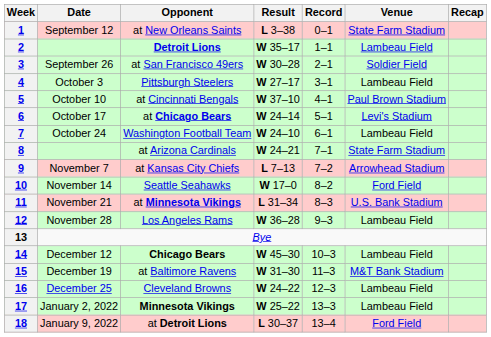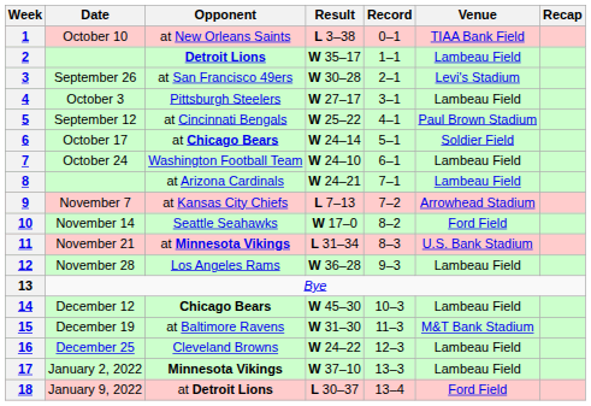 <table class="wikitable" style="text-align:center">
 <tr>
 <th>Week</th>
 <th>Date</th>
 <th>Opponent</th>
 <th>Result</th>
 <th>Record</th>
 <th>Venue</th>
 <th>Recap</th>
 </tr>
 <tr style="background:#fcc">
 <th><a href='#'>1</a></th>
-<td>September 12</td>
+<td>October 10</td>
 <td>at <a href='#'>New Orleans Saints</a></td>
 <td><strong>L</strong> 3–38</td>
 <td>0–1</td>
-<td><a href='#'>State Farm Stadium</a></td>
+<td><a href='#'>TIAA Bank Field</a></td>
 <td></td>
 </tr>
 <tr style="background:#cfc">
 <th><a href='#'>2</a></th>
 <td></td>
 <td><strong><a href='#'>Detroit Lions</a></strong></td>
 <td><strong>W</strong> 35–17</td>
 <td>1–1</td>
 <td><a href='#'>Lambeau Field</a></td>
 <td></td>
 </tr>
 <tr style="background:#cfc">
 <th><a href='#'>3</a></th>
 <td>September 26</td>
 <td>at <a href='#'>San Francisco 49ers</a></td>
 <td><strong>W</strong> 30–28</td>
 <td>2–1</td>
-<td><a href='#'>Soldier Field</a></td>
+<td><a href='#'>Levi's Stadium</a></td>
 <td></td>
 </tr>
 <tr style="background:#cfc">
 <th><a href='#'>4</a></th>
 <td>October 3</td>
 <td><a href='#'>Pittsburgh Steelers</a></td>
 <td><strong>W</strong> 27–17</td>
 <td>3–1</td>
 <td>Lambeau Field</td>
 <td></td>
 </tr>
 <tr style="background:#cfc">
 <th><a href='#'>5</a></th>
-<td>October 10</td>
+<td>September 12</td>
 <td>at <a href='#'>Cincinnati Bengals</a></td>
-<td><strong>W</strong> 37–10</td>
+<td><strong>W</strong> 25–22 </td>
 <td>4–1</td>
 <td><a href='#'>Paul Brown Stadium</a></td>
 <td></td>
 </tr>
 <tr style="background:#cfc">
 <th><a href='#'>6</a></th>
 <td>October 17</td>
 <td>at <strong><a href='#'>Chicago Bears</a></strong></td>
 <td><strong>W</strong> 24–14</td>
 <td>5–1</td>
-<td><a href='#'>Levi's Stadium</a></td>
+<td><a href='#'>Soldier Field</a></td>
 <td></td>
 </tr>
 <tr style="background:#cfc">
 <th><a href='#'>7</a></th>
 <td>October 24</td>
 <td><a href='#'>Washington Football Team</a></td>
 <td><strong>W</strong> 24–10</td>
 <td>6–1</td>
 <td>Lambeau Field</td>
 <td></td>
 </tr>
 <tr style="background:#cfc">
 <th><a href='#'>8</a></th>
 <td></td>
 <td>at <a href='#'>Arizona Cardinals</a></td>
 <td><strong>W</strong> 24–21</td>
 <td>7–1</td>
-<td><a href='#'>State Farm Stadium</a></td>
+<td><a href='#'>Lambeau Field</a></td>
 <td></td>
 </tr>
 <tr style="background:#fcc">
 <th><a href='#'>9</a></th>
 <td>November 7</td>
 <td>at <a href='#'>Kansas City Chiefs</a></td>
 <td><strong>L</strong> 7–13</td>
 <td>7–2</td>
 <td><a href='#'>Arrowhead Stadium</a></td>
 <td></td>
 </tr>
 <tr style="background:#Cfc">
 <th><a href='#'>10</a></th>
 <td>November 14</td>
 <td><a href='#'>Seattle Seahawks</a></td>
 <td><strong>W</strong> 17–0</td>
 <td>8–2</td>
 <td><a href='#'>Ford Field</a></td>
 <td></td>
 </tr>
 <tr style="background:#fcc">
 <th><a href='#'>11</a></th>
 <td>November 21</td>
 <td>at <strong><a href='#'>Minnesota Vikings</a></strong></td>
 <td><strong>L</strong> 31–34</td>
 <td>8–3</td>
 <td><a href='#'>U.S. Bank Stadium</a></td>
 <td></td>
 </tr>
 <tr style="background:#cfc">
 <th><a href='#'>12</a></th>
 <td>November 28</td>
 <td><a href='#'>Los Angeles Rams</a></td>
 <td><strong>W</strong> 36–28</td>
 <td>9–3</td>
 <td>Lambeau Field</td>
 <td></td>
 </tr>
 <tr>
 <th>13</th>
 <td colspan="6"><em><a href='#'>Bye</a></em></td>
 </tr>
 <tr style="background:#cfc">
 <th><a href='#'>14</a></th>
 <td>December 12</td>
 <td><strong>Chicago Bears</strong></td>
 <td><strong>W</strong> 45–30</td>
 <td>10–3</td>
 <td>Lambeau Field</td>
 <td></td>
 </tr>
 <tr style="background:#cfc">
 <th><a href='#'>15</a></th>
 <td>December 19</td>
 <td>at <a href='#'>Baltimore Ravens</a></td>
 <td><strong>W</strong> 31–30</td>
 <td>11–3</td>
 <td><a href='#'>M&T Bank Stadium</a></td>
 <td></td>
 </tr>
 <tr style="background:#cfc">
 <th><a href='#'>16</a></th>
 <td><a href='#'>December 25</a></td>
 <td><a href='#'>Cleveland Browns</a></td>
 <td><strong>W</strong> 24–22</td>
 <td>12–3</td>
 <td>Lambeau Field</td>
 <td></td>
 </tr>
 <tr style="background:#cfc">
 <th><a href='#'>17</a></th>
 <td>January 2, 2022</td>
 <td><strong>Minnesota Vikings</strong></td>
-<td><strong>W</strong> 25–22 </td>
+<td><strong>W</strong> 37–10</td>
 <td>13–3</td>
 <td>Lambeau Field</td>
 <td></td>
 </tr>
 <tr style="background:#fcc">
 <th><a href='#'>18</a></th>
 <td>January 9, 2022</td>
 <td>at <strong>Detroit Lions</strong></td>
 <td><strong>L</strong> 30–37</td>
 <td>13–4</td>
 <td><a href='#'>Ford Field</a></td>
 <td></td>
 </tr>
 </table>
